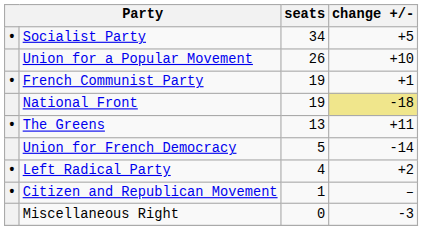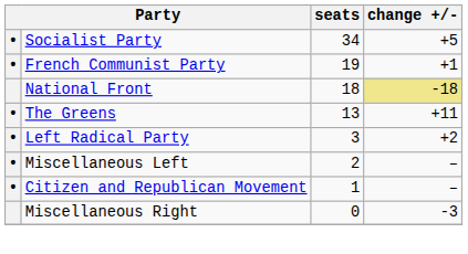 <table class="wikitable" style="font-size: 95%;">
 <tr>
 <th colspan=2>Party</th>
 <th>seats</th>
 <th>change +/-</th>
 </tr>
 <tr>
 <th style="background-color: "><span>•</span></th>
 <td><a href='#'>Socialist Party</a></td>
 <td align="right">34</td>
 <td align="right">+5</td>
 </tr>
 <tr>
-<th style="background-color: "></th>
-<td><a href='#'>Union for a Popular Movement</a></td>
-<td align="right">26</td>
-<td align="right">+10</td>
-</tr>
-<tr>
 <th style="background-color: "><span>•</span></th>
 <td><a href='#'>French Communist Party</a></td>
 <td align="right">19</td>
 <td align="right">+1</td>
 </tr>
 <tr>
 <th style="background-color: "></th>
 <td><a href='#'>National Front</a></td>
-<td align="right">19</td>
+<td align="right">18</td>
 <td align="right" style="background: khaki;">-18</td>
 </tr>
 <tr>
 <th style="background-color: "><span>•</span></th>
 <td><a href='#'>The Greens</a></td>
 <td align="right">13</td>
 <td align="right">+11</td>
 </tr>
 <tr>
-<th style="background-color: "></th>
-<td><a href='#'>Union for French Democracy</a></td>
-<td align="right">5</td>
-<td align="right">-14</td>
+<th style="background-color: "><span>•</span></th>
+<td><a href='#'>Left Radical Party</a></td>
+<td align="right">3</td>
+<td align="right">+2</td>
 </tr>
 <tr>
 <th style="background-color: "><span>•</span></th>
-<td><a href='#'>Left Radical Party</a></td>
-<td align="right">4</td>
-<td align="right">+2</td>
+<td>Miscellaneous Left</td>
+<td align="right">2</td>
+<td align="right">–</td>
 </tr>
 <tr>
 <th style="background-color: "><span>•</span></th>
 <td><a href='#'>Citizen and Republican Movement</a></td>
 <td align="right">1</td>
 <td align="right">–</td>
 </tr>
 <tr>
 <th style="background-color: "></th>
 <td>Miscellaneous Right</td>
 <td align="right">0</td>
 <td align="right">-3</td>
 </tr>
 <tr>
 </tr>
 </table>
